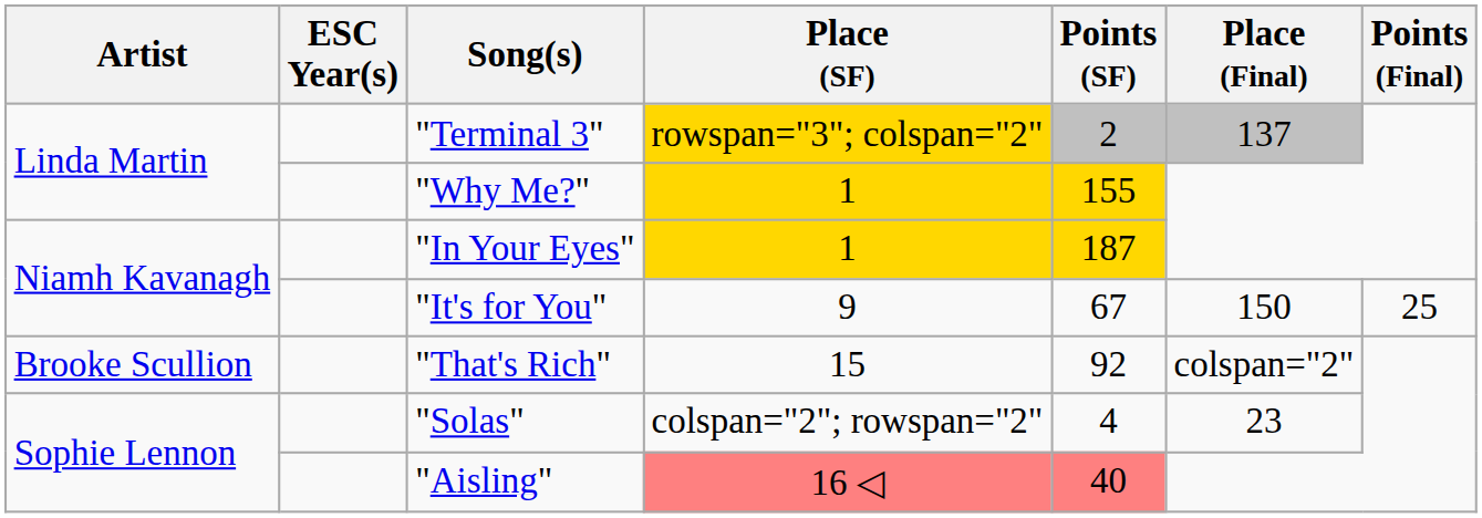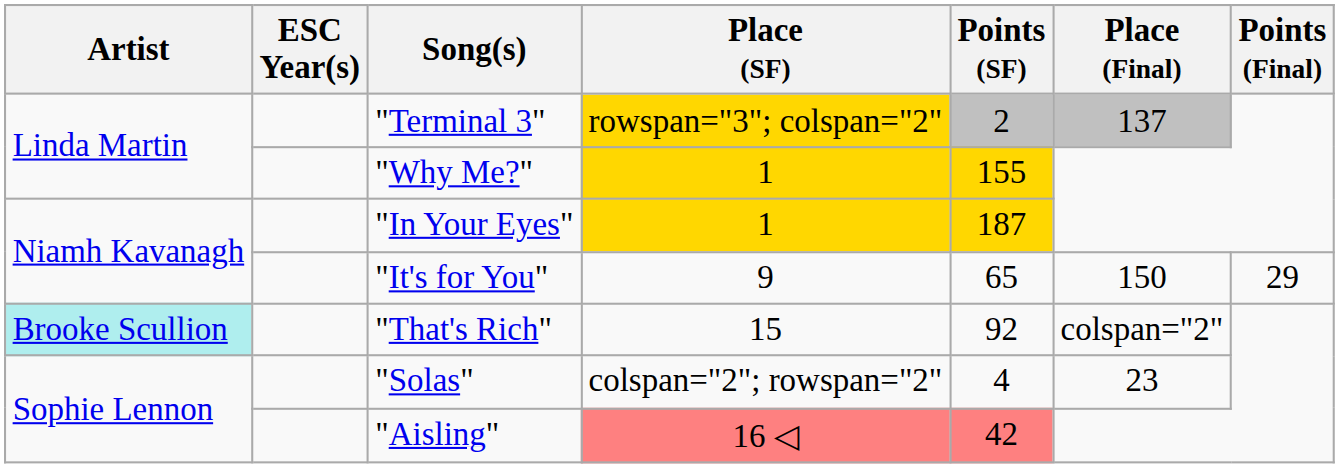 <table class="wikitable mw-collapsible">
 <tr>
 <th>Artist</th>
 <th>ESC<br>Year(s)</th>
 <th>Song(s)</th>
 <th>Place<br><small>(SF)</small></th>
 <th>Points<br><small>(SF)</small></th>
 <th>Place<br><small>(Final)</small></th>
 <th>Points<br><small>(Final)</small></th>
 </tr>
 <tr>
 <td rowspan="2"><a href='#'>Linda Martin</a></td>
 <td align="center"></td>
 <td>"<a href='#'>Terminal 3</a>"</td>
 <td style="background: gold;">rowspan="3"; colspan="2" </td>
 <td align="center" bgcolor="silver">2</td>
 <td align="center" bgcolor="silver">137</td>
 </tr>
 <tr>
 <td align="center"></td>
 <td>"<a href='#'>Why Me?</a>"</td>
 <td align="center" bgcolor="gold">1</td>
 <td align="center" bgcolor="gold">155</td>
 </tr>
 <tr>
 <td rowspan="2"><a href='#'>Niamh Kavanagh</a></td>
 <td align="center"></td>
 <td>"<a href='#'>In Your Eyes</a>"</td>
 <td align="center" bgcolor="gold">1</td>
 <td align="center" bgcolor="gold">187</td>
 </tr>
 <tr>
 <td align="center"></td>
 <td>"<a href='#'>It's for You</a>"</td>
 <td align="center">9</td>
-<td align="center">67</td>
+<td align="center">65</td>
 <td align="center">150</td>
-<td align="center">25</td>
+<td align="center">29</td>
 </tr>
 <tr>
-<td><a href='#'>Brooke Scullion</a></td>
+<td style="background: paleturquoise;"><a href='#'>Brooke Scullion</a></td>
 <td align="center"></td>
 <td>"<a href='#'>That's Rich</a>"</td>
 <td align="center">15</td>
 <td align="center">92</td>
 <td>colspan="2" </td>
 </tr>
 <tr>
 <td rowspan="2"><a href='#'>Sophie Lennon</a></td>
 <td align="center"></td>
 <td>"<a href='#'>Solas</a>"</td>
 <td>colspan="2"; rowspan="2" </td>
 <td align="center">4</td>
 <td align="center">23</td>
 </tr>
 <tr>
 <td align="center"></td>
 <td>"<a href='#'>Aisling</a>" </td>
 <td style="text-align:center; background-color:#FE8080;">16 ◁</td>
-<td style="text-align:center; background-color:#FE8080;">40</td>
+<td style="text-align:center; background-color:#FE8080;">42</td>
 </tr>
 </table>
